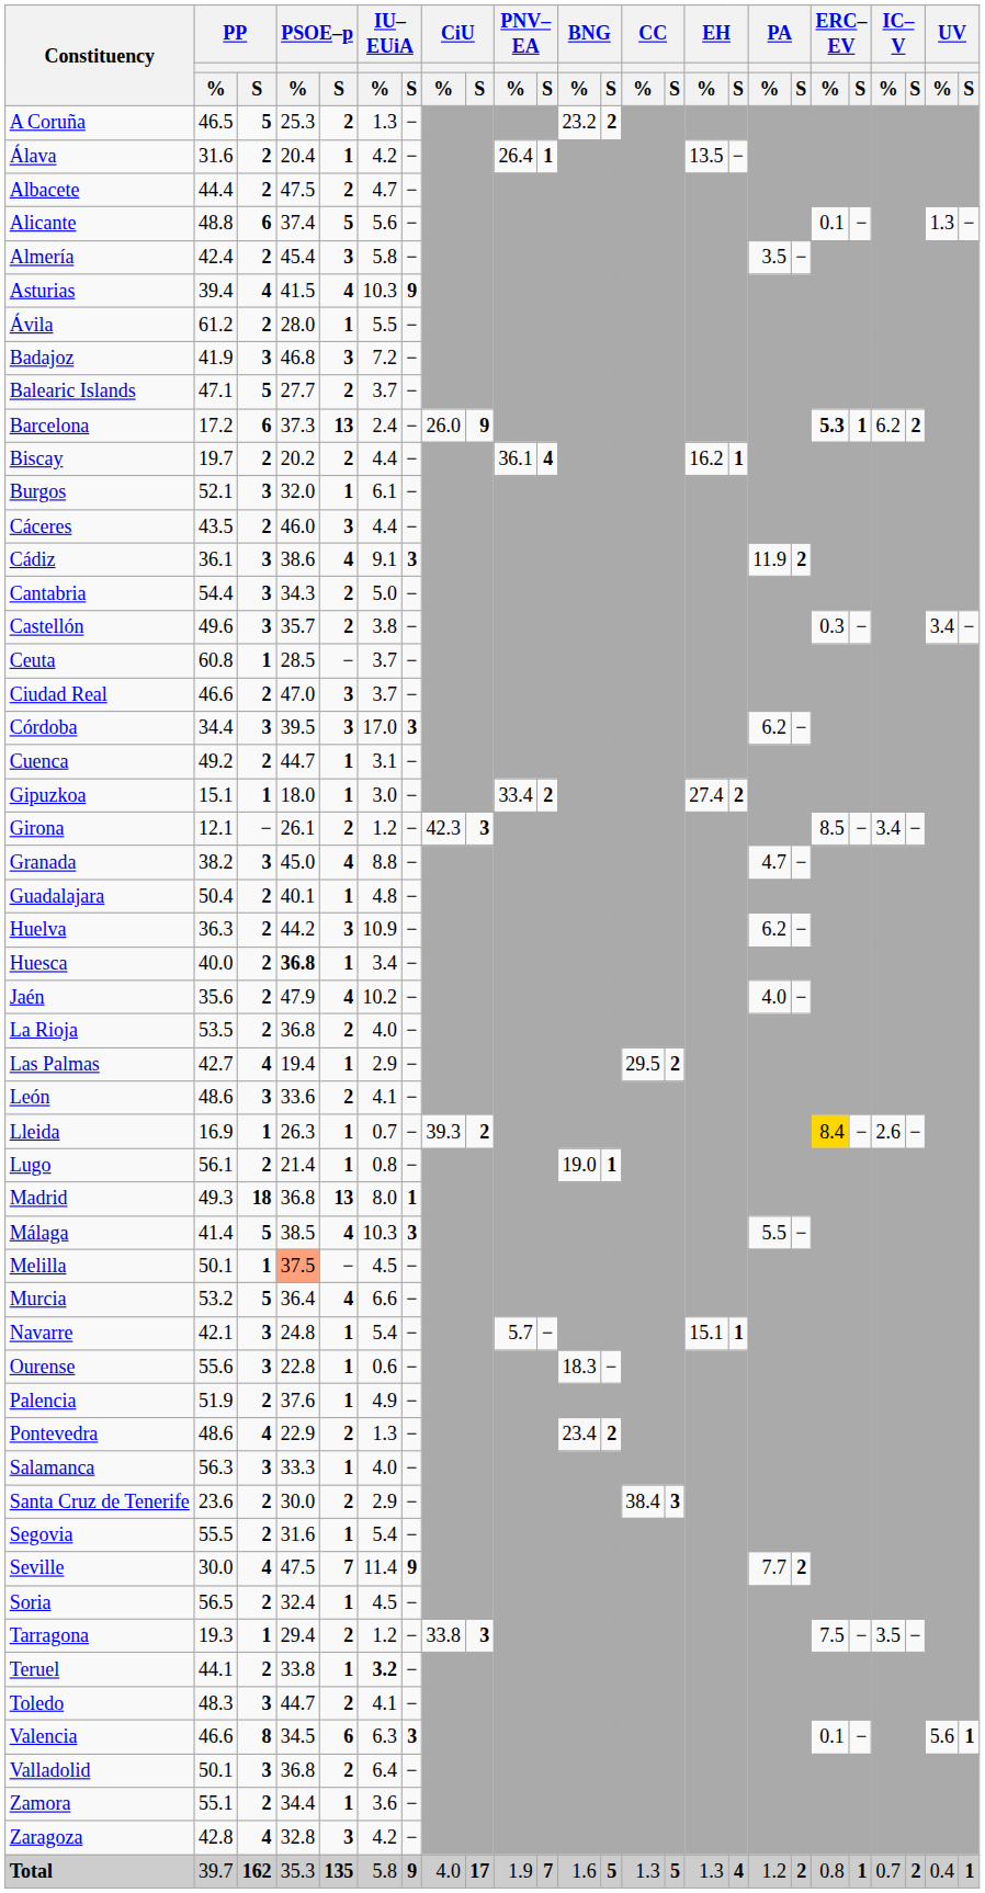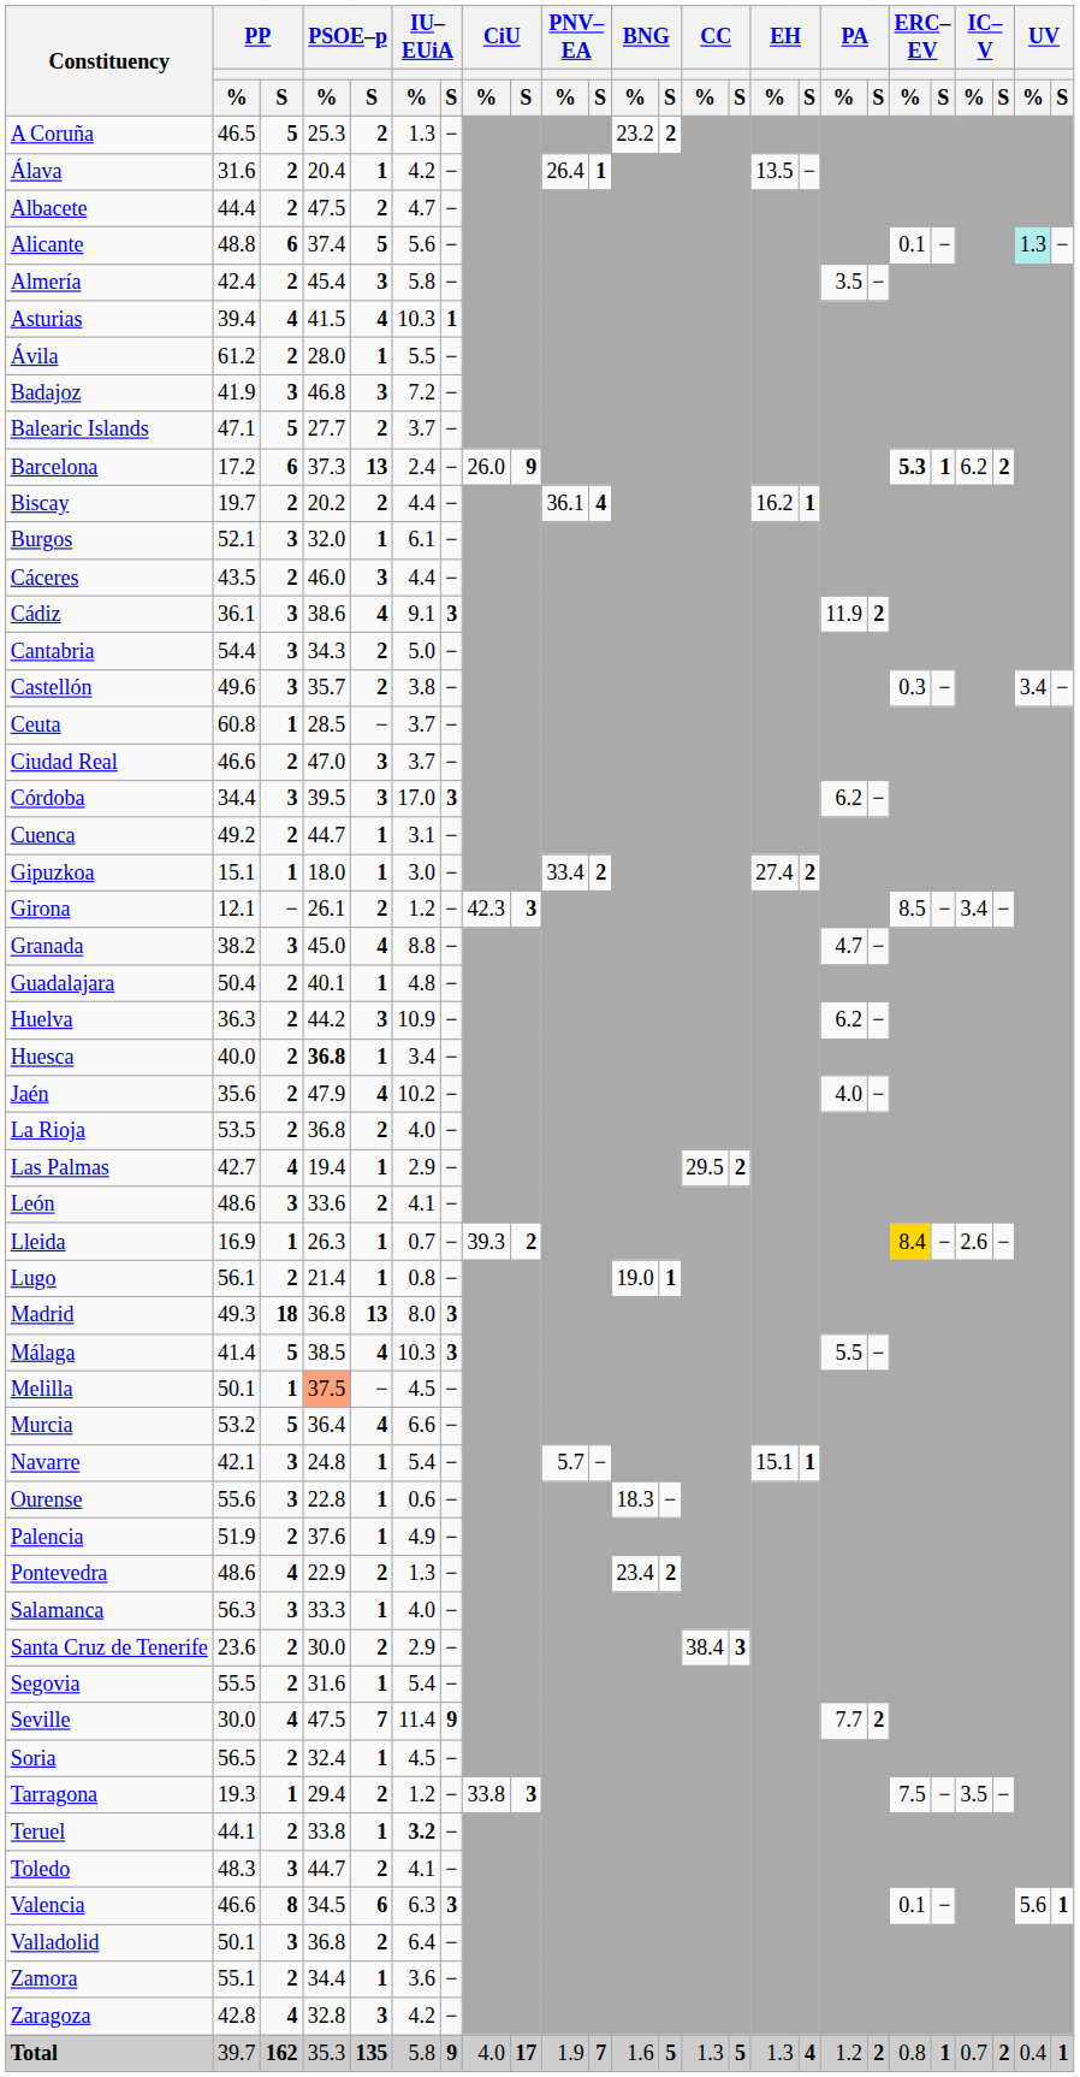 <table class="wikitable sortable" style="text-align:right; line-height:20px">
 <tr>
 <th rowspan="3">Constituency</th>
 <th colspan="2" width="30px" class="unsortable"><a href='#'>PP</a></th>
 <th colspan="2" width="30px" class="unsortable"><a href='#'>PSOE</a>–<a href='#'>p</a></th>
 <th colspan="2" width="30px" class="unsortable"><a href='#'>IU</a>–<a href='#'>EUiA</a></th>
 <th colspan="2" width="30px" class="unsortable"><a href='#'>CiU</a></th>
 <th colspan="2" width="30px" class="unsortable"><a href='#'>PNV–EA</a></th>
 <th colspan="2" width="30px" class="unsortable"><a href='#'>BNG</a></th>
 <th colspan="2" width="30px" class="unsortable"><a href='#'>CC</a></th>
 <th colspan="2" width="30px" class="unsortable"><a href='#'>EH</a></th>
 <th colspan="2" width="30px" class="unsortable"><a href='#'>PA</a></th>
 <th colspan="2" width="30px" class="unsortable"><a href='#'>ERC</a>–<a href='#'>EV</a></th>
 <th colspan="2" width="30px" class="unsortable"><a href='#'>IC–V</a></th>
 <th colspan="2" width="30px" class="unsortable"><a href='#'>UV</a></th>
 </tr>
 <tr>
 <th colspan="2" style="background:"></th>
 <th colspan="2" style="background:"></th>
 <th colspan="2" style="background:"></th>
 <th colspan="2" style="background:"></th>
 <th colspan="2" style="background:"></th>
 <th colspan="2" style="background:"></th>
 <th colspan="2" style="background:"></th>
 <th colspan="2" style="background:"></th>
 <th colspan="2" style="background:"></th>
 <th colspan="2" style="background:"></th>
 <th colspan="2" style="background:"></th>
 <th colspan="2" style="background:"></th>
 </tr>
 <tr>
 <th data-sort-type="number">%</th>
 <th data-sort-type="number">S</th>
 <th data-sort-type="number">%</th>
 <th data-sort-type="number">S</th>
 <th data-sort-type="number">%</th>
 <th data-sort-type="number">S</th>
 <th data-sort-type="number">%</th>
 <th data-sort-type="number">S</th>
 <th data-sort-type="number">%</th>
 <th data-sort-type="number">S</th>
 <th data-sort-type="number">%</th>
 <th data-sort-type="number">S</th>
 <th data-sort-type="number">%</th>
 <th data-sort-type="number">S</th>
 <th data-sort-type="number">%</th>
 <th data-sort-type="number">S</th>
 <th data-sort-type="number">%</th>
 <th data-sort-type="number">S</th>
 <th data-sort-type="number">%</th>
 <th data-sort-type="number">S</th>
 <th data-sort-type="number">%</th>
 <th data-sort-type="number">S</th>
 <th data-sort-type="number">%</th>
 <th data-sort-type="number">S</th>
 </tr>
 <tr>
 <td align="left"><a href='#'>A Coruña</a></td>
 <td style="background:">46.5</td>
 <td><strong>5</strong></td>
 <td>25.3</td>
 <td><strong>2</strong></td>
 <td>1.3</td>
 <td>−</td>
 <td colspan="2" rowspan="9" bgcolor="#AAAAAA"></td>
 <td colspan="2" bgcolor="#AAAAAA"></td>
 <td>23.2</td>
 <td><strong>2</strong></td>
 <td colspan="2" rowspan="28" bgcolor="#AAAAAA"></td>
 <td colspan="2" bgcolor="#AAAAAA"></td>
 <td colspan="2" rowspan="4" bgcolor="#AAAAAA"></td>
 <td colspan="2" rowspan="3" bgcolor="#AAAAAA"></td>
 <td colspan="2" rowspan="9" bgcolor="#AAAAAA"></td>
 <td colspan="2" rowspan="3" bgcolor="#AAAAAA"></td>
 </tr>
 <tr>
 <td align="left"><a href='#'>Álava</a></td>
 <td style="background:">31.6</td>
 <td><strong>2</strong></td>
 <td>20.4</td>
 <td><strong>1</strong></td>
 <td>4.2</td>
 <td>−</td>
 <td>26.4</td>
 <td><strong>1</strong></td>
 <td colspan="2" rowspan="30" bgcolor="#AAAAAA"></td>
 <td>13.5</td>
 <td>−</td>
 </tr>
 <tr>
 <td align="left"><a href='#'>Albacete</a></td>
 <td>44.4</td>
 <td><strong>2</strong></td>
 <td style="background:">47.5</td>
 <td><strong>2</strong></td>
 <td>4.7</td>
 <td>−</td>
 <td colspan="2" rowspan="8" bgcolor="#AAAAAA"></td>
 <td colspan="2" rowspan="8" bgcolor="#AAAAAA"></td>
 </tr>
 <tr>
 <td align="left"><a href='#'>Alicante</a></td>
 <td style="background:">48.8</td>
 <td><strong>6</strong></td>
 <td>37.4</td>
 <td><strong>5</strong></td>
 <td>5.6</td>
 <td>−</td>
 <td>0.1</td>
 <td>−</td>
-<td>1.3</td>
+<td style="background: paleturquoise;">1.3</td>
 <td>−</td>
 </tr>
 <tr>
 <td align="left"><a href='#'>Almería</a></td>
 <td>42.4</td>
 <td><strong>2</strong></td>
 <td style="background:">45.4</td>
 <td><strong>3</strong></td>
 <td>5.8</td>
 <td>−</td>
 <td>3.5</td>
 <td>−</td>
 <td colspan="2" rowspan="5" bgcolor="#AAAAAA"></td>
 <td colspan="2" rowspan="11" bgcolor="#AAAAAA"></td>
 </tr>
 <tr>
 <td align="left"><a href='#'>Asturias</a></td>
 <td>39.4</td>
 <td><strong>4</strong></td>
 <td style="background:">41.5</td>
 <td><strong>4</strong></td>
 <td>10.3</td>
-<td><strong>9</strong></td>
+<td><strong>1</strong></td>
 <td colspan="2" rowspan="8" bgcolor="#AAAAAA"></td>
 </tr>
 <tr>
 <td align="left"><a href='#'>Ávila</a></td>
 <td style="background:">61.2</td>
 <td><strong>2</strong></td>
 <td>28.0</td>
 <td><strong>1</strong></td>
 <td>5.5</td>
 <td>−</td>
 </tr>
 <tr>
 <td align="left"><a href='#'>Badajoz</a></td>
 <td>41.9</td>
 <td><strong>3</strong></td>
 <td style="background:">46.8</td>
 <td><strong>3</strong></td>
 <td>7.2</td>
 <td>−</td>
 </tr>
 <tr>
 <td align="left"><a href='#'>Balearic Islands</a></td>
 <td style="background:">47.1</td>
 <td><strong>5</strong></td>
 <td>27.7</td>
 <td><strong>2</strong></td>
 <td>3.7</td>
 <td>−</td>
 </tr>
 <tr>
 <td align="left"><a href='#'>Barcelona</a></td>
 <td>17.2</td>
 <td><strong>6</strong></td>
 <td style="background:">37.3</td>
 <td><strong>13</strong></td>
 <td>2.4</td>
 <td>−</td>
 <td>26.0</td>
 <td><strong>9</strong></td>
 <td><strong>5.3</strong></td>
 <td><strong>1</strong></td>
 <td>6.2</td>
 <td><strong>2</strong></td>
 </tr>
 <tr>
 <td align="left"><a href='#'>Biscay</a></td>
 <td>19.7</td>
 <td><strong>2</strong></td>
 <td>20.2</td>
 <td><strong>2</strong></td>
 <td>4.4</td>
 <td>−</td>
 <td colspan="2" rowspan="11" bgcolor="#AAAAAA"></td>
 <td style="background:">36.1</td>
 <td><strong>4</strong></td>
 <td>16.2</td>
 <td><strong>1</strong></td>
 <td colspan="2" rowspan="5" bgcolor="#AAAAAA"></td>
 <td colspan="2" rowspan="11" bgcolor="#AAAAAA"></td>
 </tr>
 <tr>
 <td align="left"><a href='#'>Burgos</a></td>
 <td style="background:">52.1</td>
 <td><strong>3</strong></td>
 <td>32.0</td>
 <td><strong>1</strong></td>
 <td>6.1</td>
 <td>−</td>
 <td colspan="2" rowspan="9" bgcolor="#AAAAAA"></td>
 <td colspan="2" rowspan="9" bgcolor="#AAAAAA"></td>
 </tr>
 <tr>
 <td align="left"><a href='#'>Cáceres</a></td>
 <td>43.5</td>
 <td><strong>2</strong></td>
 <td style="background:">46.0</td>
 <td><strong>3</strong></td>
 <td>4.4</td>
 <td>−</td>
 </tr>
 <tr>
 <td align="left"><a href='#'>Cádiz</a></td>
 <td>36.1</td>
 <td><strong>3</strong></td>
 <td style="background:">38.6</td>
 <td><strong>4</strong></td>
 <td>9.1</td>
 <td><strong>3</strong></td>
 <td>11.9</td>
 <td><strong>2</strong></td>
 </tr>
 <tr>
 <td align="left"><a href='#'>Cantabria</a></td>
 <td style="background:">54.4</td>
 <td><strong>3</strong></td>
 <td>34.3</td>
 <td><strong>2</strong></td>
 <td>5.0</td>
 <td>−</td>
 <td colspan="2" rowspan="4" bgcolor="#AAAAAA"></td>
 </tr>
 <tr>
 <td align="left"><a href='#'>Castellón</a></td>
 <td style="background:">49.6</td>
 <td><strong>3</strong></td>
 <td>35.7</td>
 <td><strong>2</strong></td>
 <td>3.8</td>
 <td>−</td>
 <td>0.3</td>
 <td>−</td>
 <td>3.4</td>
 <td>−</td>
 </tr>
 <tr>
 <td align="left"><a href='#'>Ceuta</a></td>
 <td style="background:">60.8</td>
 <td><strong>1</strong></td>
 <td>28.5</td>
 <td>−</td>
 <td>3.7</td>
 <td>−</td>
 <td colspan="2" rowspan="5" bgcolor="#AAAAAA"></td>
 <td colspan="2" rowspan="32" bgcolor="#AAAAAA"></td>
 </tr>
 <tr>
 <td align="left"><a href='#'>Ciudad Real</a></td>
 <td>46.6</td>
 <td><strong>2</strong></td>
 <td style="background:">47.0</td>
 <td><strong>3</strong></td>
 <td>3.7</td>
 <td>−</td>
 </tr>
 <tr>
 <td align="left"><a href='#'>Córdoba</a></td>
 <td>34.4</td>
 <td><strong>3</strong></td>
 <td style="background:">39.5</td>
 <td><strong>3</strong></td>
 <td>17.0</td>
 <td><strong>3</strong></td>
 <td>6.2</td>
 <td>−</td>
 </tr>
 <tr>
 <td align="left"><a href='#'>Cuenca</a></td>
 <td style="background:">49.2</td>
 <td><strong>2</strong></td>
 <td>44.7</td>
 <td><strong>1</strong></td>
 <td>3.1</td>
 <td>−</td>
 <td colspan="2" rowspan="3" bgcolor="#AAAAAA"></td>
 </tr>
 <tr>
 <td align="left"><a href='#'>Gipuzkoa</a></td>
 <td>15.1</td>
 <td><strong>1</strong></td>
 <td>18.0</td>
 <td><strong>1</strong></td>
 <td>3.0</td>
 <td>−</td>
 <td style="background:">33.4</td>
 <td><strong>2</strong></td>
 <td>27.4</td>
 <td><strong>2</strong></td>
 </tr>
 <tr>
 <td align="left"><a href='#'>Girona</a></td>
 <td>12.1</td>
 <td>−</td>
 <td>26.1</td>
 <td><strong>2</strong></td>
 <td>1.2</td>
 <td>−</td>
 <td style="background:">42.3</td>
 <td><strong>3</strong></td>
 <td colspan="2" rowspan="15" bgcolor="#AAAAAA"></td>
 <td colspan="2" rowspan="15" bgcolor="#AAAAAA"></td>
 <td>8.5</td>
 <td>−</td>
 <td>3.4</td>
 <td>−</td>
 </tr>
 <tr>
 <td align="left"><a href='#'>Granada</a></td>
 <td>38.2</td>
 <td><strong>3</strong></td>
 <td style="background:">45.0</td>
 <td><strong>4</strong></td>
 <td>8.8</td>
 <td>−</td>
 <td colspan="2" rowspan="8" bgcolor="#AAAAAA"></td>
 <td>4.7</td>
 <td>−</td>
 <td colspan="2" rowspan="8" bgcolor="#AAAAAA"></td>
 <td colspan="2" rowspan="8" bgcolor="#AAAAAA"></td>
 </tr>
 <tr>
 <td align="left"><a href='#'>Guadalajara</a></td>
 <td style="background:">50.4</td>
 <td><strong>2</strong></td>
 <td>40.1</td>
 <td><strong>1</strong></td>
 <td>4.8</td>
 <td>−</td>
 <td colspan="2" bgcolor="#AAAAAA"></td>
 </tr>
 <tr>
 <td align="left"><a href='#'>Huelva</a></td>
 <td>36.3</td>
 <td><strong>2</strong></td>
 <td style="background:">44.2</td>
 <td><strong>3</strong></td>
 <td>10.9</td>
 <td>−</td>
 <td>6.2</td>
 <td>−</td>
 </tr>
 <tr>
 <td align="left"><a href='#'>Huesca</a></td>
 <td style="background:">40.0</td>
 <td><strong>2</strong></td>
 <td><strong>36.8</strong></td>
 <td><strong>1</strong></td>
 <td>3.4</td>
 <td>−</td>
 <td colspan="2" bgcolor="#AAAAAA"></td>
 </tr>
 <tr>
 <td align="left"><a href='#'>Jaén</a></td>
 <td>35.6</td>
 <td><strong>2</strong></td>
 <td style="background:">47.9</td>
 <td><strong>4</strong></td>
 <td>10.2</td>
 <td>−</td>
 <td>4.0</td>
 <td>−</td>
 </tr>
 <tr>
 <td align="left"><a href='#'>La Rioja</a></td>
 <td style="background:">53.5</td>
 <td><strong>2</strong></td>
 <td>36.8</td>
 <td><strong>2</strong></td>
 <td>4.0</td>
 <td>−</td>
 <td colspan="2" rowspan="6" bgcolor="#AAAAAA"></td>
 </tr>
 <tr>
 <td align="left"><a href='#'>Las Palmas</a></td>
 <td style="background:">42.7</td>
 <td><strong>4</strong></td>
 <td>19.4</td>
 <td><strong>1</strong></td>
 <td>2.9</td>
 <td>−</td>
 <td>29.5</td>
 <td><strong>2</strong></td>
 </tr>
 <tr>
 <td align="left"><a href='#'>León</a></td>
 <td style="background:">48.6</td>
 <td><strong>3</strong></td>
 <td>33.6</td>
 <td><strong>2</strong></td>
 <td>4.1</td>
 <td>−</td>
 <td colspan="2" rowspan="12" bgcolor="#AAAAAA"></td>
 </tr>
 <tr>
 <td align="left"><a href='#'>Lleida</a></td>
 <td>16.9</td>
 <td><strong>1</strong></td>
 <td>26.3</td>
 <td><strong>1</strong></td>
 <td>0.7</td>
 <td>−</td>
 <td style="background:">39.3</td>
 <td><strong>2</strong></td>
 <td style="background: gold;">8.4</td>
 <td>−</td>
 <td>2.6</td>
 <td>−</td>
 </tr>
 <tr>
 <td align="left"><a href='#'>Lugo</a></td>
 <td style="background:">56.1</td>
 <td><strong>2</strong></td>
 <td>21.4</td>
 <td><strong>1</strong></td>
 <td>0.8</td>
 <td>−</td>
 <td colspan="2" rowspan="14" bgcolor="#AAAAAA"></td>
 <td>19.0</td>
 <td><strong>1</strong></td>
 <td colspan="2" rowspan="14" bgcolor="#AAAAAA"></td>
 <td colspan="2" rowspan="14" bgcolor="#AAAAAA"></td>
 </tr>
 <tr>
 <td align="left"><a href='#'>Madrid</a></td>
 <td style="background:">49.3</td>
 <td><strong>18</strong></td>
 <td>36.8</td>
 <td><strong>13</strong></td>
 <td>8.0</td>
-<td><strong>1</strong></td>
+<td><strong>3</strong></td>
 <td colspan="2" rowspan="5" bgcolor="#AAAAAA"></td>
 </tr>
 <tr>
 <td align="left"><a href='#'>Málaga</a></td>
 <td style="background:">41.4</td>
 <td><strong>5</strong></td>
 <td>38.5</td>
 <td><strong>4</strong></td>
 <td>10.3</td>
 <td><strong>3</strong></td>
 <td>5.5</td>
 <td>−</td>
 </tr>
 <tr>
 <td align="left"><a href='#'>Melilla</a></td>
 <td style="background:">50.1</td>
 <td><strong>1</strong></td>
 <td style="background: lightsalmon;">37.5</td>
 <td>−</td>
 <td>4.5</td>
 <td>−</td>
 <td colspan="2" rowspan="9" bgcolor="#AAAAAA"></td>
 </tr>
 <tr>
 <td align="left"><a href='#'>Murcia</a></td>
 <td style="background:">53.2</td>
 <td><strong>5</strong></td>
 <td>36.4</td>
 <td><strong>4</strong></td>
 <td>6.6</td>
 <td>−</td>
 </tr>
 <tr>
 <td align="left"><a href='#'>Navarre</a></td>
 <td style="background:">42.1</td>
 <td><strong>3</strong></td>
 <td>24.8</td>
 <td><strong>1</strong></td>
 <td>5.4</td>
 <td>−</td>
 <td>5.7</td>
 <td>−</td>
 <td>15.1</td>
 <td><strong>1</strong></td>
 </tr>
 <tr>
 <td align="left"><a href='#'>Ourense</a></td>
 <td style="background:">55.6</td>
 <td><strong>3</strong></td>
 <td>22.8</td>
 <td><strong>1</strong></td>
 <td>0.6</td>
 <td>−</td>
 <td colspan="2" rowspan="15" bgcolor="#AAAAAA"></td>
 <td>18.3</td>
 <td>−</td>
 <td colspan="2" rowspan="15" bgcolor="#AAAAAA"></td>
 </tr>
 <tr>
 <td align="left"><a href='#'>Palencia</a></td>
 <td style="background:">51.9</td>
 <td><strong>2</strong></td>
 <td>37.6</td>
 <td><strong>1</strong></td>
 <td>4.9</td>
 <td>−</td>
 <td colspan="2" bgcolor="#AAAAAA"></td>
 </tr>
 <tr>
 <td align="left"><a href='#'>Pontevedra</a></td>
 <td style="background:">48.6</td>
 <td><strong>4</strong></td>
 <td>22.9</td>
 <td><strong>2</strong></td>
 <td>1.3</td>
 <td>−</td>
 <td>23.4</td>
 <td><strong>2</strong></td>
 </tr>
 <tr>
 <td align="left"><a href='#'>Salamanca</a></td>
 <td style="background:">56.3</td>
 <td><strong>3</strong></td>
 <td>33.3</td>
 <td><strong>1</strong></td>
 <td>4.0</td>
 <td>−</td>
 <td colspan="2" rowspan="12" bgcolor="#AAAAAA"></td>
 </tr>
 <tr>
 <td align="left"><a href='#'>Santa Cruz de Tenerife</a></td>
 <td>23.6</td>
 <td><strong>2</strong></td>
 <td>30.0</td>
 <td><strong>2</strong></td>
 <td>2.9</td>
 <td>−</td>
 <td style="background:">38.4</td>
 <td><strong>3</strong></td>
 </tr>
 <tr>
 <td align="left"><a href='#'>Segovia</a></td>
 <td style="background:">55.5</td>
 <td><strong>2</strong></td>
 <td>31.6</td>
 <td><strong>1</strong></td>
 <td>5.4</td>
 <td>−</td>
 <td colspan="2" rowspan="10" bgcolor="#AAAAAA"></td>
 </tr>
 <tr>
 <td align="left"><a href='#'>Seville</a></td>
 <td>30.0</td>
 <td><strong>4</strong></td>
 <td style="background:">47.5</td>
 <td><strong>7</strong></td>
 <td>11.4</td>
 <td><strong>9</strong></td>
 <td>7.7</td>
 <td><strong>2</strong></td>
 </tr>
 <tr>
 <td align="left"><a href='#'>Soria</a></td>
 <td style="background:">56.5</td>
 <td><strong>2</strong></td>
 <td>32.4</td>
 <td><strong>1</strong></td>
 <td>4.5</td>
 <td>−</td>
 <td colspan="2" rowspan="8" bgcolor="#AAAAAA"></td>
 </tr>
 <tr>
 <td align="left"><a href='#'>Tarragona</a></td>
 <td>19.3</td>
 <td><strong>1</strong></td>
 <td>29.4</td>
 <td><strong>2</strong></td>
 <td>1.2</td>
 <td>−</td>
 <td style="background:">33.8</td>
 <td><strong>3</strong></td>
 <td>7.5</td>
 <td>−</td>
 <td>3.5</td>
 <td>−</td>
 </tr>
 <tr>
 <td align="left"><a href='#'>Teruel</a></td>
 <td style="background:">44.1</td>
 <td><strong>2</strong></td>
 <td>33.8</td>
 <td><strong>1</strong></td>
 <td><strong>3.2</strong></td>
 <td>−</td>
 <td colspan="2" rowspan="6" bgcolor="#AAAAAA"></td>
 <td colspan="2" rowspan="2" bgcolor="#AAAAAA"></td>
 <td colspan="2" rowspan="6" bgcolor="#AAAAAA"></td>
 </tr>
 <tr>
 <td align="left"><a href='#'>Toledo</a></td>
 <td style="background:">48.3</td>
 <td><strong>3</strong></td>
 <td>44.7</td>
 <td><strong>2</strong></td>
 <td>4.1</td>
 <td>−</td>
 </tr>
 <tr>
 <td align="left"><a href='#'>Valencia</a></td>
 <td style="background:">46.6</td>
 <td><strong>8</strong></td>
 <td>34.5</td>
 <td><strong>6</strong></td>
 <td>6.3</td>
 <td><strong>3</strong></td>
 <td>0.1</td>
 <td>−</td>
 <td>5.6</td>
 <td><strong>1</strong></td>
 </tr>
 <tr>
 <td align="left"><a href='#'>Valladolid</a></td>
 <td style="background:">50.1</td>
 <td><strong>3</strong></td>
 <td>36.8</td>
 <td><strong>2</strong></td>
 <td>6.4</td>
 <td>−</td>
 <td colspan="2" rowspan="3" bgcolor="#AAAAAA"></td>
 <td colspan="2" rowspan="3" bgcolor="#AAAAAA"></td>
 </tr>
 <tr>
 <td align="left"><a href='#'>Zamora</a></td>
 <td style="background:">55.1</td>
 <td><strong>2</strong></td>
 <td>34.4</td>
 <td><strong>1</strong></td>
 <td>3.6</td>
 <td>−</td>
 </tr>
 <tr>
 <td align="left"><a href='#'>Zaragoza</a></td>
 <td style="background:">42.8</td>
 <td><strong>4</strong></td>
 <td>32.8</td>
 <td><strong>3</strong></td>
 <td>4.2</td>
 <td>−</td>
 </tr>
 <tr style="background:#CDCDCD;">
 <td align="left"><strong>Total</strong></td>
 <td style="background:">39.7</td>
 <td><strong>162</strong></td>
 <td>35.3</td>
 <td><strong>135</strong></td>
 <td>5.8</td>
 <td><strong>9</strong></td>
 <td>4.0</td>
 <td><strong>17</strong></td>
 <td>1.9</td>
 <td><strong>7</strong></td>
 <td>1.6</td>
 <td><strong>5</strong></td>
 <td>1.3</td>
 <td><strong>5</strong></td>
 <td>1.3</td>
 <td><strong>4</strong></td>
 <td>1.2</td>
 <td><strong>2</strong></td>
 <td>0.8</td>
 <td><strong>1</strong></td>
 <td>0.7</td>
 <td><strong>2</strong></td>
 <td>0.4</td>
 <td><strong>1</strong></td>
 </tr>
 </table>
